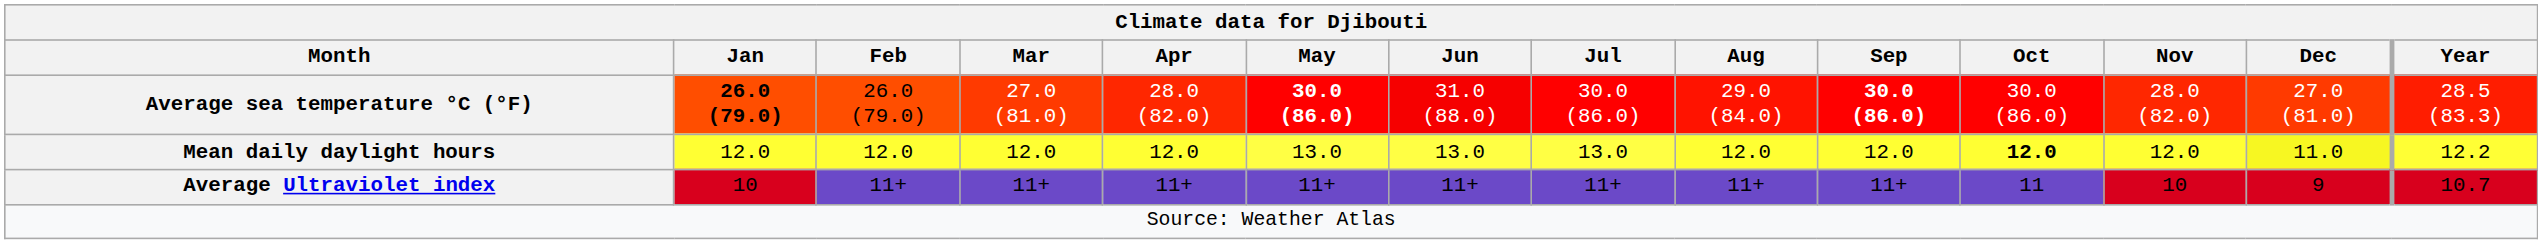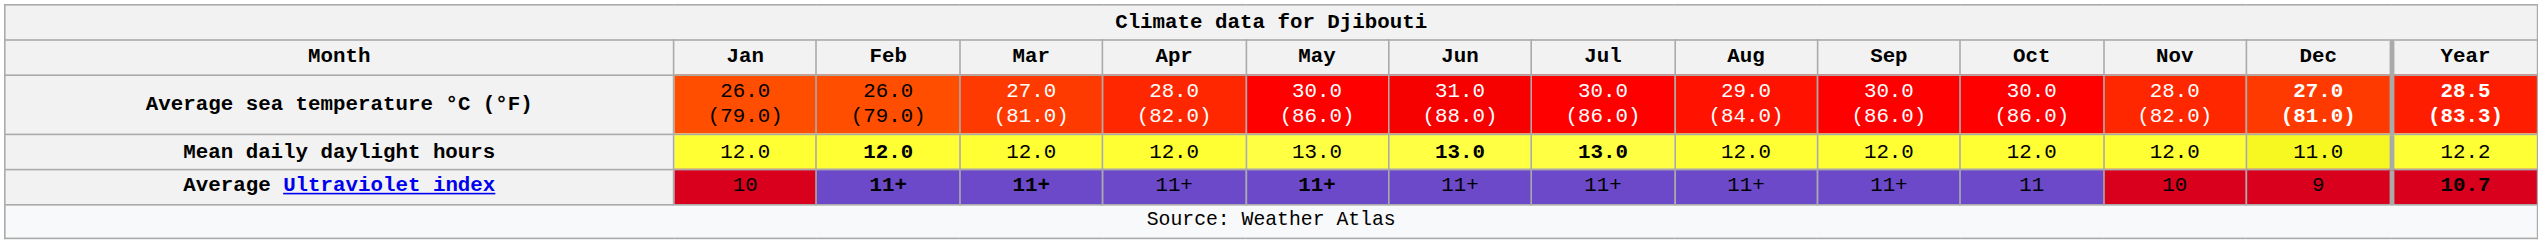 <table style="width:100%;text-align:center;line-height:1.2em;margin-left:auto;margin-right:auto" class="wikitable mw-collapsible">
 <tr>
 <th Colspan=14>Climate data for Djibouti</th>
 </tr>
 <tr>
 <th>Month</th>
 <th>Jan</th>
 <th>Feb</th>
 <th>Mar</th>
 <th>Apr</th>
 <th>May</th>
 <th>Jun</th>
 <th>Jul</th>
 <th>Aug</th>
 <th>Sep</th>
 <th>Oct</th>
 <th>Nov</th>
 <th>Dec</th>
 <th style="border-left-width:medium">Year</th>
 </tr>
 <tr>
 <th>Average sea temperature °C (°F)</th>
-<td style="background:#ff4e00; color:#000;"><strong>26.0<br>(79.0)</strong></td>
+<td style="background:#ff4e00; color:#000;">26.0<br>(79.0)</td>
 <td style="background:#ff4e00; color:#000;">26.0<br>(79.0)</td>
 <td style="background:#ff3a00; color:#fff;">27.0<br>(81.0)</td>
 <td style="background:#ff2700; color:#fff;">28.0<br>(82.0)</td>
-<td style="background:#f00; color:#fff;"><strong>30.0<br>(86.0)</strong></td>
+<td style="background:#f00; color:#fff;">30.0<br>(86.0)</td>
 <td style="background:#f60000; color:#fff;">31.0<br>(88.0)</td>
 <td style="background:#f00; color:#fff;">30.0<br>(86.0)</td>
 <td style="background:#ff1300; color:#fff;">29.0<br>(84.0)</td>
-<td style="background:#f00; color:#fff;"><strong>30.0<br>(86.0)</strong></td>
+<td style="background:#f00; color:#fff;">30.0<br>(86.0)</td>
 <td style="background:#f00; color:#fff;">30.0<br>(86.0)</td>
 <td style="background:#ff2700; color:#fff;">28.0<br>(82.0)</td>
-<td style="background:#ff3a00; color:#fff;">27.0<br>(81.0)</td>
-<td style="background:#ff1d00; color:#fff; border-left-width:medium;">28.5<br>(83.3)</td>
+<td style="background:#ff3a00; color:#fff;"><strong>27.0<br>(81.0)</strong></td>
+<td style="background:#ff1d00; color:#fff; border-left-width:medium;"><strong>28.5<br>(83.3)</strong></td>
 </tr>
 <tr>
 <th>Mean daily daylight hours</th>
 <td style="background:#ff3; color:#000;">12.0</td>
+<td style="background:#ff3; color:#000;"><strong>12.0</strong></td>
+<td style="background:#ff3; color:#000;">12.0</td>
+<td style="background:#ff3; color:#000;">12.0</td>
+<td style="background:#ff4; color:#000;">13.0</td>
+<td style="background:#ff4; color:#000;"><strong>13.0</strong></td>
+<td style="background:#ff4; color:#000;"><strong>13.0</strong></td>
 <td style="background:#ff3; color:#000;">12.0</td>
 <td style="background:#ff3; color:#000;">12.0</td>
 <td style="background:#ff3; color:#000;">12.0</td>
-<td style="background:#ff4; color:#000;">13.0</td>
-<td style="background:#ff4; color:#000;">13.0</td>
-<td style="background:#ff4; color:#000;">13.0</td>
-<td style="background:#ff3; color:#000;">12.0</td>
-<td style="background:#ff3; color:#000;">12.0</td>
-<td style="background:#ff3; color:#000;"><strong>12.0</strong></td>
 <td style="background:#ff3; color:#000;">12.0</td>
 <td style="background:#f7f722; color:#000;">11.0</td>
 <td style="background:#ffff35; color:#000; border-left-width:medium;">12.2</td>
 </tr>
 <tr>
 <th>Average <a href='#'>Ultraviolet index</a></th>
 <td style="background:#d8001d; color:#000;">10</td>
+<td style="background:#6b49c8; color:#000;"><strong>11+</strong></td>
+<td style="background:#6b49c8; color:#000;"><strong>11+</strong></td>
 <td style="background:#6b49c8; color:#000;">11+</td>
-<td style="background:#6b49c8; color:#000;">11+</td>
-<td style="background:#6b49c8; color:#000;">11+</td>
-<td style="background:#6b49c8; color:#000;">11+</td>
+<td style="background:#6b49c8; color:#000;"><strong>11+</strong></td>
 <td style="background:#6b49c8; color:#000;">11+</td>
 <td style="background:#6b49c8; color:#000;">11+</td>
 <td style="background:#6b49c8; color:#000;">11+</td>
 <td style="background:#6b49c8; color:#000;">11+</td>
 <td style="background:#6b49c8; color:#000;">11</td>
 <td style="background:#d8001d; color:#000;">10</td>
 <td style="background:#d8001d; color:#000;">9</td>
-<td style="background:#d8001d; color:#000; border-left-width:medium;">10.7</td>
+<td style="background:#d8001d; color:#000; border-left-width:medium;"><strong>10.7</strong></td>
 </tr>
 <tr>
 <th Colspan=14 style="background:#f8f9fa;font-weight:normal;font-size:95%;">Source: Weather Atlas</th>
 </tr>
 </table>
